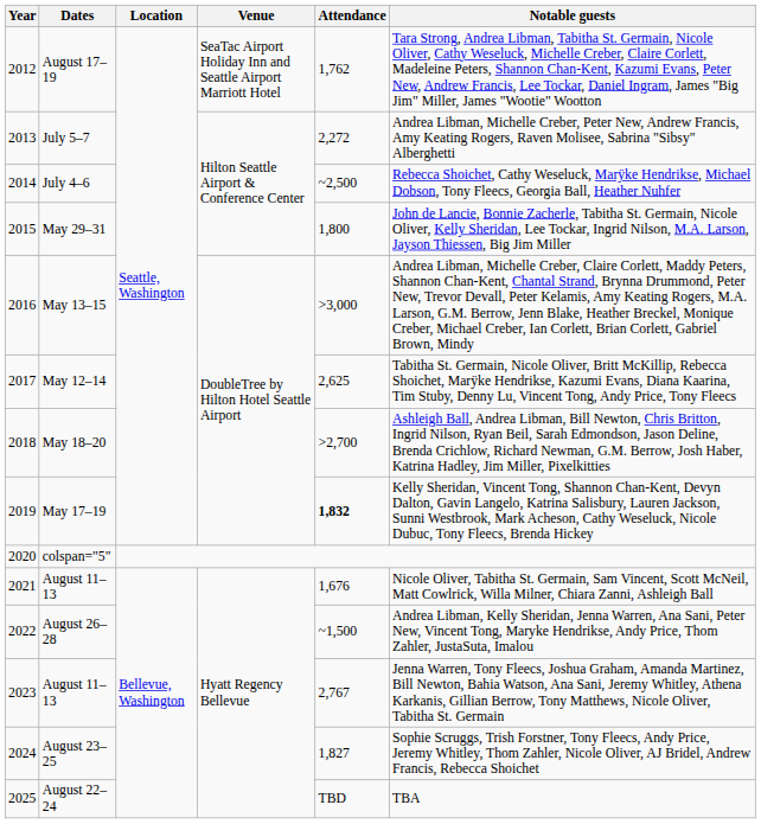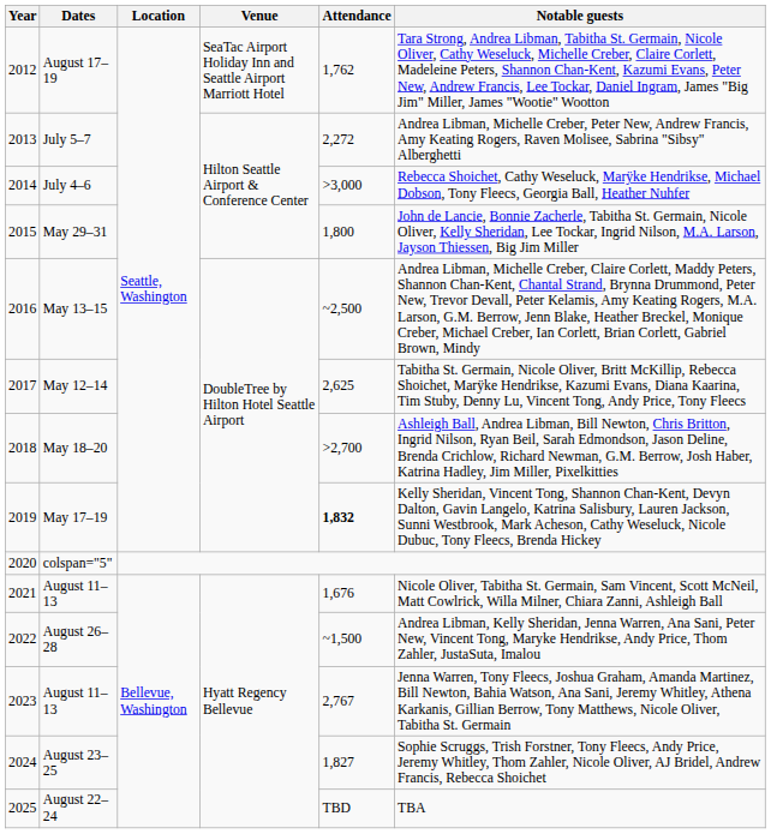 <table class="wikitable" border="1">
 <tr>
 <th>Year</th>
 <th>Dates</th>
 <th>Location</th>
 <th>Venue</th>
 <th>Attendance</th>
 <th>Notable guests</th>
 </tr>
 <tr>
 <td>2012</td>
 <td>August 17–19</td>
 <td rowspan="8"><a href='#'>Seattle, Washington</a></td>
 <td>SeaTac Airport Holiday Inn and Seattle Airport Marriott Hotel</td>
 <td>1,762</td>
 <td><a href='#'>Tara Strong</a>, <a href='#'>Andrea Libman</a>, <a href='#'>Tabitha St. Germain</a>, <a href='#'>Nicole Oliver</a>, <a href='#'>Cathy Weseluck</a>, <a href='#'>Michelle Creber</a>, <a href='#'>Claire Corlett</a>, Madeleine Peters, <a href='#'>Shannon Chan-Kent</a>, <a href='#'>Kazumi Evans</a>, <a href='#'>Peter New</a>, <a href='#'>Andrew Francis</a>, <a href='#'>Lee Tockar</a>, <a href='#'>Daniel Ingram</a>, James "Big Jim" Miller, James "Wootie" Wootton</td>
 </tr>
 <tr>
 <td>2013</td>
 <td>July 5–7</td>
 <td rowspan="3">Hilton Seattle Airport & Conference Center</td>
 <td>2,272</td>
 <td>Andrea Libman, Michelle Creber, Peter New, Andrew Francis, Amy Keating Rogers, Raven Molisee, Sabrina "Sibsy" Alberghetti</td>
 </tr>
 <tr>
 <td>2014</td>
 <td>July 4–6</td>
-<td>~2,500</td>
+<td>>3,000</td>
 <td><a href='#'>Rebecca Shoichet</a>, Cathy Weseluck, <a href='#'>Marÿke Hendrikse</a>, <a href='#'>Michael Dobson</a>, Tony Fleecs, Georgia Ball, <a href='#'>Heather Nuhfer</a></td>
 </tr>
 <tr>
 <td>2015</td>
 <td>May 29–31</td>
 <td>1,800</td>
 <td><a href='#'>John de Lancie</a>, <a href='#'>Bonnie Zacherle</a>, Tabitha St. Germain, Nicole Oliver, <a href='#'>Kelly Sheridan</a>, Lee Tockar, Ingrid Nilson, <a href='#'>M.A. Larson</a>, <a href='#'>Jayson Thiessen</a>, Big Jim Miller</td>
 </tr>
 <tr>
 <td>2016</td>
 <td>May 13–15</td>
 <td rowspan="4">DoubleTree by Hilton Hotel Seattle Airport</td>
-<td>>3,000</td>
+<td>~2,500</td>
 <td>Andrea Libman, Michelle Creber, Claire Corlett, Maddy Peters, Shannon Chan-Kent, <a href='#'>Chantal Strand</a>, Brynna Drummond, Peter New, Trevor Devall, Peter Kelamis, Amy Keating Rogers, M.A. Larson, G.M. Berrow, Jenn Blake, Heather Breckel, Monique Creber, Michael Creber, Ian Corlett, Brian Corlett, Gabriel Brown, Mindy</td>
 </tr>
 <tr>
 <td>2017</td>
 <td>May 12–14</td>
 <td>2,625</td>
 <td>Tabitha St. Germain, Nicole Oliver, Britt McKillip, Rebecca Shoichet, Marÿke Hendrikse, Kazumi Evans, Diana Kaarina, Tim Stuby, Denny Lu, Vincent Tong, Andy Price, Tony Fleecs</td>
 </tr>
 <tr>
 <td>2018</td>
 <td>May 18–20</td>
 <td>>2,700</td>
 <td><a href='#'>Ashleigh Ball</a>, Andrea Libman, Bill Newton, <a href='#'>Chris Britton</a>, Ingrid Nilson, Ryan Beil, Sarah Edmondson, Jason Deline, Brenda Crichlow, Richard Newman, G.M. Berrow, Josh Haber, Katrina Hadley, Jim Miller, Pixelkitties</td>
 </tr>
 <tr>
 <td>2019</td>
 <td>May 17–19</td>
 <td><strong>1,832</strong></td>
 <td>Kelly Sheridan, Vincent Tong, Shannon Chan-Kent, Devyn Dalton, Gavin Langelo, Katrina Salisbury, Lauren Jackson, Sunni Westbrook, Mark Acheson, Cathy Weseluck, Nicole Dubuc, Tony Fleecs, Brenda Hickey</td>
 </tr>
 <tr>
 <td>2020</td>
 <td>colspan="5" </td>
 </tr>
 <tr>
 <td>2021</td>
 <td>August 11–13</td>
 <td rowspan="5"><a href='#'>Bellevue, Washington</a></td>
 <td rowspan="5">Hyatt Regency Bellevue</td>
 <td>1,676</td>
 <td>Nicole Oliver, Tabitha St. Germain, Sam Vincent, Scott McNeil, Matt Cowlrick, Willa Milner, Chiara Zanni, Ashleigh Ball</td>
 </tr>
 <tr>
 <td>2022</td>
 <td>August 26–28</td>
 <td>~1,500</td>
 <td>Andrea Libman, Kelly Sheridan, Jenna Warren, Ana Sani, Peter New, Vincent Tong, Maryke Hendrikse, Andy Price, Thom Zahler, JustaSuta, Imalou</td>
 </tr>
 <tr>
 <td>2023</td>
 <td>August 11–13</td>
 <td>2,767</td>
 <td>Jenna Warren, Tony Fleecs, Joshua Graham, Amanda Martinez, Bill Newton, Bahia Watson, Ana Sani, Jeremy Whitley, Athena Karkanis, Gillian Berrow, Tony Matthews, Nicole Oliver, Tabitha St. Germain</td>
 </tr>
 <tr>
 <td>2024</td>
 <td>August 23–25</td>
 <td>1,827</td>
 <td>Sophie Scruggs, Trish Forstner, Tony Fleecs, Andy Price, Jeremy Whitley, Thom Zahler, Nicole Oliver, AJ Bridel, Andrew Francis, Rebecca Shoichet</td>
 </tr>
 <tr>
 <td>2025</td>
 <td>August 22–24</td>
 <td>TBD</td>
 <td>TBA</td>
 </tr>
 </table>
